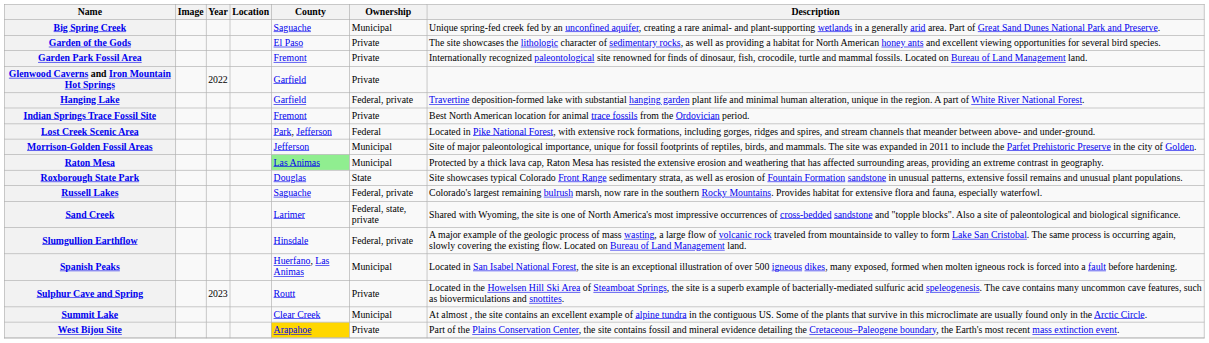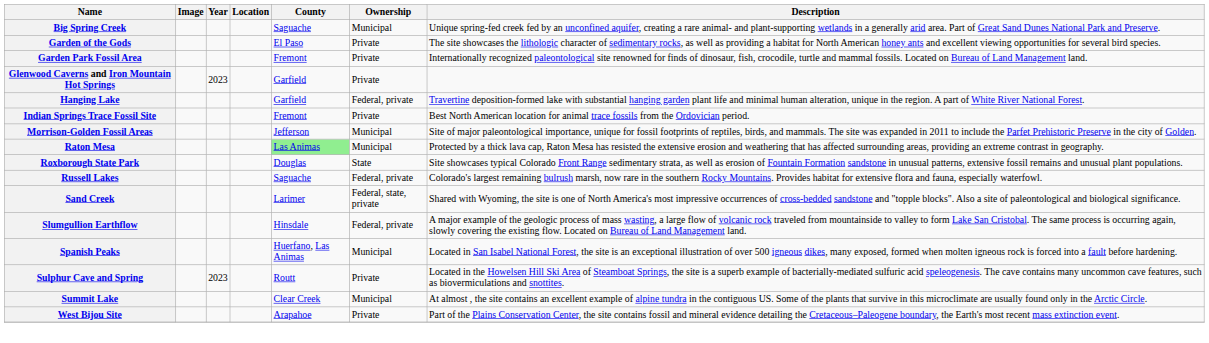 <table class="wikitable sortable" align="center">
 <tr>
 <th scope="col" style="background-color:">Name</th>
 <th scope="col" style="background-color:">Image</th>
 <th scope="col" style="background-color:">Year</th>
 <th scope="col" style="background-color:">Location</th>
 <th scope="col" style="background-color:">County</th>
 <th scope="col" style="background-color:">Ownership</th>
 <th scope="col" style="background-color:">Description</th>
 </tr>
 <tr>
 <th scope="row"><a href='#'>Big Spring Creek</a></th>
 <td></td>
 <td></td>
 <td></td>
 <td><a href='#'>Saguache</a></td>
 <td>Municipal</td>
 <td>Unique spring-fed creek fed by an <a href='#'>unconfined aquifer</a>, creating a rare animal- and plant-supporting <a href='#'>wetlands</a> in a generally <a href='#'>arid</a> area. Part of <a href='#'>Great Sand Dunes National Park and Preserve</a>.</td>
 </tr>
 <tr>
 <th scope="row"><a href='#'>Garden of the Gods</a></th>
 <td></td>
 <td></td>
 <td></td>
 <td><a href='#'>El Paso</a></td>
 <td>Private</td>
 <td>The site showcases the <a href='#'>lithologic</a> character of <a href='#'>sedimentary rocks</a>, as well as providing a habitat for North American <a href='#'>honey ants</a> and excellent viewing opportunities for several bird species.</td>
 </tr>
 <tr>
 <th scope="row"><a href='#'>Garden Park Fossil Area</a></th>
 <td></td>
 <td></td>
 <td></td>
 <td><a href='#'>Fremont</a></td>
 <td>Private</td>
 <td>Internationally recognized <a href='#'>paleontological</a> site renowned for finds of dinosaur, fish, crocodile, turtle and mammal fossils. Located on <a href='#'>Bureau of Land Management</a> land.</td>
 </tr>
 <tr>
 <th><a href='#'>Glenwood Caverns</a> and <a href='#'>Iron Mountain Hot Springs</a></th>
 <td></td>
-<td>2022</td>
+<td>2023</td>
 <td></td>
 <td><a href='#'>Garfield</a></td>
 <td>Private</td>
 <td></td>
 </tr>
 <tr>
 <th scope="row"><a href='#'>Hanging Lake</a></th>
 <td></td>
 <td></td>
 <td></td>
 <td><a href='#'>Garfield</a></td>
 <td>Federal, private</td>
 <td><a href='#'>Travertine</a> deposition-formed lake with substantial <a href='#'>hanging garden</a> plant life and minimal human alteration, unique in the region. A part of <a href='#'>White River National Forest</a>.</td>
 </tr>
 <tr>
 <th scope="row"><a href='#'>Indian Springs Trace Fossil Site</a></th>
 <td></td>
 <td></td>
 <td></td>
 <td><a href='#'>Fremont</a></td>
 <td>Private</td>
 <td>Best North American location for animal <a href='#'>trace fossils</a> from the <a href='#'>Ordovician</a> period.</td>
-</tr>
-<tr>
-<th scope="row"><a href='#'>Lost Creek Scenic Area</a></th>
-<td></td>
-<td></td>
-<td></td>
-<td><a href='#'>Park</a>, <a href='#'>Jefferson</a></td>
-<td>Federal</td>
-<td>Located in <a href='#'>Pike National Forest</a>, with extensive rock formations, including gorges, ridges and spires, and stream channels that meander between above- and under-ground.</td>
 </tr>
 <tr>
 <th scope="row"><a href='#'>Morrison-Golden Fossil Areas</a></th>
 <td></td>
 <td></td>
 <td></td>
 <td><a href='#'>Jefferson</a></td>
 <td>Municipal</td>
 <td>Site of major paleontological importance, unique for fossil footprints of reptiles, birds, and mammals. The site was expanded in 2011 to include the  <a href='#'>Parfet Prehistoric Preserve</a> in the city of <a href='#'>Golden</a>.</td>
 </tr>
 <tr>
 <th scope="row"><a href='#'>Raton Mesa</a></th>
 <td></td>
 <td></td>
 <td></td>
 <td style="background: lightgreen;"><a href='#'>Las Animas</a></td>
 <td>Municipal</td>
 <td>Protected by a thick lava cap, Raton Mesa has resisted the extensive erosion and weathering that has affected surrounding areas, providing an extreme contrast in geography.</td>
 </tr>
 <tr>
 <th scope="row"><a href='#'>Roxborough State Park</a></th>
 <td></td>
 <td></td>
 <td></td>
 <td><a href='#'>Douglas</a></td>
 <td>State</td>
 <td>Site showcases typical Colorado <a href='#'>Front Range</a> sedimentary strata, as well as erosion of <a href='#'>Fountain Formation</a> <a href='#'>sandstone</a> in unusual patterns, extensive fossil remains and unusual plant populations.</td>
 </tr>
 <tr>
 <th scope="row"><a href='#'>Russell Lakes</a></th>
 <td></td>
 <td></td>
 <td></td>
 <td><a href='#'>Saguache</a></td>
 <td>Federal, private</td>
 <td>Colorado's largest remaining <a href='#'>bulrush</a> marsh, now rare in the southern <a href='#'>Rocky Mountains</a>. Provides habitat for extensive flora and fauna, especially waterfowl.</td>
 </tr>
 <tr>
 <th scope="row"><a href='#'>Sand Creek</a></th>
 <td></td>
 <td></td>
 <td></td>
 <td><a href='#'>Larimer</a></td>
 <td>Federal, state, private</td>
 <td>Shared with Wyoming, the site is one of North America's most impressive occurrences of <a href='#'>cross-bedded</a> <a href='#'>sandstone</a> and "topple blocks". Also a site of paleontological and biological significance.</td>
 </tr>
 <tr>
 <th scope="row"><a href='#'>Slumgullion Earthflow</a></th>
 <td></td>
 <td></td>
 <td></td>
 <td><a href='#'>Hinsdale</a></td>
 <td>Federal, private</td>
 <td>A major example of the geologic process of mass <a href='#'>wasting</a>, a large flow of <a href='#'>volcanic rock</a> traveled from mountainside to valley to form <a href='#'>Lake San Cristobal</a>. The same process is occurring again, slowly covering the existing flow. Located on <a href='#'>Bureau of Land Management</a> land.</td>
 </tr>
 <tr>
 <th scope="row"><a href='#'>Spanish Peaks</a></th>
 <td></td>
 <td></td>
 <td></td>
 <td><a href='#'>Huerfano</a>, <a href='#'>Las Animas</a></td>
 <td>Municipal</td>
 <td>Located in <a href='#'>San Isabel National Forest</a>, the site is an exceptional illustration of over 500 <a href='#'>igneous</a> <a href='#'>dikes</a>, many exposed, formed when molten igneous rock is forced into a <a href='#'>fault</a> before hardening.</td>
 </tr>
 <tr>
 <th scope="row"><a href='#'>Sulphur Cave and Spring</a></th>
 <td></td>
 <td>2023</td>
 <td></td>
 <td><a href='#'>Routt</a></td>
 <td>Private</td>
 <td>Located in the <a href='#'>Howelsen Hill Ski Area</a> of <a href='#'>Steamboat Springs</a>, the site is a superb example of bacterially-mediated sulfuric acid <a href='#'>speleogenesis</a>. The cave contains many uncommon cave features, such as biovermiculations and <a href='#'>snottites</a>.</td>
 </tr>
 <tr>
 <th scope="row"><a href='#'>Summit Lake</a></th>
 <td></td>
 <td></td>
 <td></td>
 <td><a href='#'>Clear Creek</a></td>
 <td>Municipal</td>
 <td>At almost , the site contains an excellent example of <a href='#'>alpine tundra</a> in the contiguous US. Some of the plants that survive in this microclimate are usually found only in the <a href='#'>Arctic Circle</a>.</td>
 </tr>
 <tr>
 <th scope="row"><a href='#'>West Bijou Site</a></th>
 <td></td>
 <td></td>
 <td></td>
-<td style="background: gold;"><a href='#'>Arapahoe</a></td>
+<td><a href='#'>Arapahoe</a></td>
 <td>Private</td>
 <td>Part of the <a href='#'>Plains Conservation Center</a>, the site contains fossil and mineral evidence detailing the <a href='#'>Cretaceous–Paleogene boundary</a>, the Earth's most recent <a href='#'>mass extinction event</a>.</td>
 </tr>
 <tr>
 </tr>
 </table>
